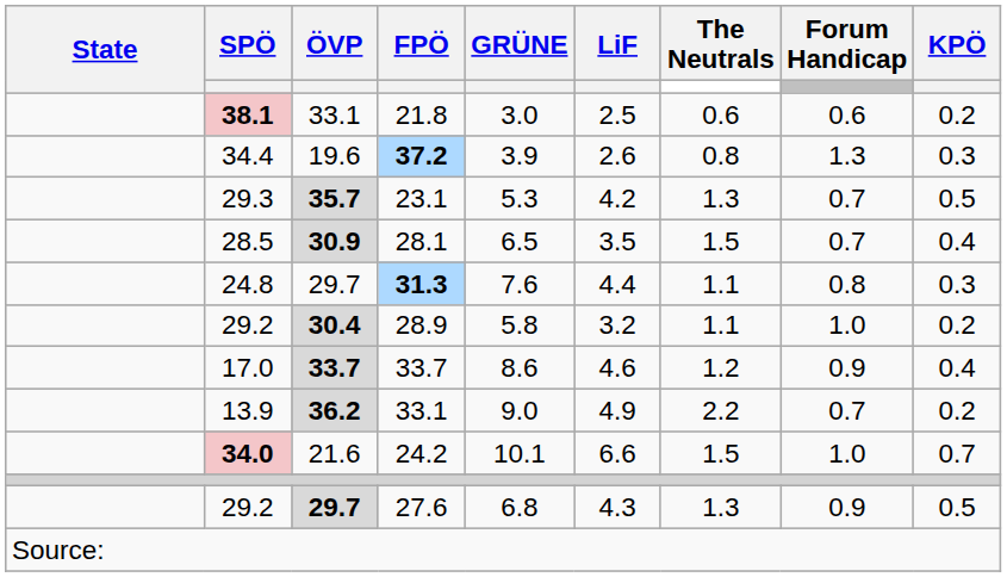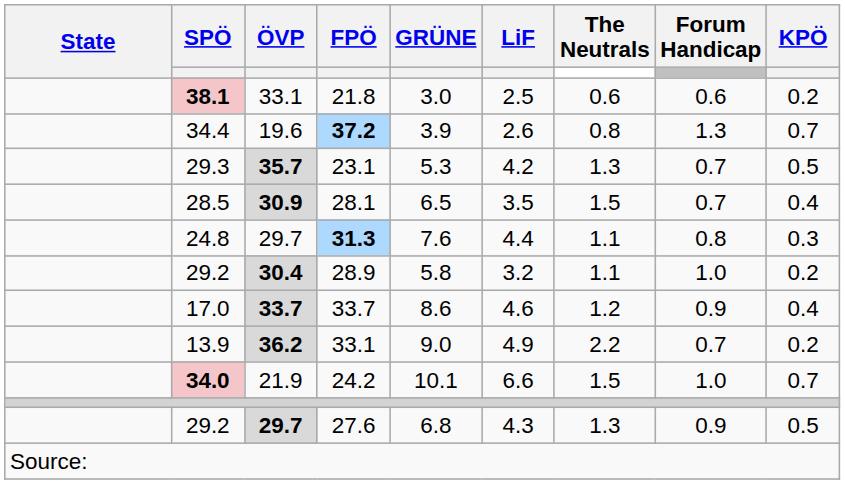 <table class="wikitable sortable" style="text-align:center;font-size:90%;line-height:16px">
 <tr style="height:40px;">
 <th style="width:100px;" rowspan="2"><a href='#'>State</a></th>
 <th style="width:40px;"><a href='#'>SPÖ</a></th>
 <th style="width:40px;"><a href='#'>ÖVP</a></th>
 <th style="width:40px;"><a href='#'>FPÖ</a></th>
 <th style="width:40px;"><a href='#'>GRÜNE</a></th>
 <th style="width:40px;"><a href='#'>LiF</a></th>
 <th style="width:40px;">The Neutrals</th>
 <th style="width:40px;">Forum Handicap</th>
 <th style="width:40px;"><a href='#'>KPÖ</a></th>
 </tr>
 <tr>
 <th style="background:"></th>
 <th style="background:"></th>
 <th style="background:"></th>
 <th style="background:"></th>
 <th style="background:"></th>
 <th style="background:#FFFFFF;"></th>
 <th style="background:#C0C0C0"></th>
 <th style="background:"></th>
 </tr>
 <tr>
 <td align=left></td>
 <td bgcolor=#F4C6C9><strong>38.1</strong></td>
 <td>33.1</td>
 <td>21.8</td>
 <td>3.0</td>
 <td>2.5</td>
 <td>0.6</td>
 <td>0.6</td>
 <td>0.2</td>
 </tr>
 <tr>
 <td align=left></td>
 <td>34.4</td>
 <td>19.6</td>
 <td bgcolor=#ADD9FF><strong>37.2</strong></td>
 <td>3.9</td>
 <td>2.6</td>
 <td>0.8</td>
 <td>1.3</td>
-<td>0.3</td>
+<td>0.7</td>
 </tr>
 <tr>
 <td align=left></td>
 <td>29.3</td>
 <td bgcolor=#D9D9D9><strong>35.7</strong></td>
 <td>23.1</td>
 <td>5.3</td>
 <td>4.2</td>
 <td>1.3</td>
 <td>0.7</td>
 <td>0.5</td>
 </tr>
 <tr>
 <td align=left></td>
 <td>28.5</td>
 <td bgcolor=#D9D9D9><strong>30.9</strong></td>
 <td>28.1</td>
 <td>6.5</td>
 <td>3.5</td>
 <td>1.5</td>
 <td>0.7</td>
 <td>0.4</td>
 </tr>
 <tr>
 <td align=left></td>
 <td>24.8</td>
 <td>29.7</td>
 <td bgcolor=#ADD9FF><strong>31.3</strong></td>
 <td>7.6</td>
 <td>4.4</td>
 <td>1.1</td>
 <td>0.8</td>
 <td>0.3</td>
 </tr>
 <tr>
 <td align=left></td>
 <td>29.2</td>
 <td bgcolor=#D9D9D9><strong>30.4</strong></td>
 <td>28.9</td>
 <td>5.8</td>
 <td>3.2</td>
 <td>1.1</td>
 <td>1.0</td>
 <td>0.2</td>
 </tr>
 <tr>
 <td align=left></td>
 <td>17.0</td>
 <td bgcolor=#D9D9D9><strong>33.7</strong></td>
 <td>33.7</td>
 <td>8.6</td>
 <td>4.6</td>
 <td>1.2</td>
 <td>0.9</td>
 <td>0.4</td>
 </tr>
 <tr>
 <td align=left></td>
 <td>13.9</td>
 <td bgcolor=#D9D9D9><strong>36.2</strong></td>
 <td>33.1</td>
 <td>9.0</td>
 <td>4.9</td>
 <td>2.2</td>
 <td>0.7</td>
 <td>0.2</td>
 </tr>
 <tr>
 <td align=left></td>
 <td bgcolor=#F4C6C9><strong>34.0</strong></td>
-<td>21.6</td>
+<td>21.9</td>
 <td>24.2</td>
 <td>10.1</td>
 <td>6.6</td>
 <td>1.5</td>
 <td>1.0</td>
 <td>0.7</td>
 </tr>
 <tr>
 <td colspan=10 bgcolor=lightgrey></td>
 </tr>
 <tr>
 <td align=left></td>
 <td>29.2</td>
 <td bgcolor=#D9D9D9><strong>29.7</strong></td>
 <td>27.6</td>
 <td>6.8</td>
 <td>4.3</td>
 <td>1.3</td>
 <td>0.9</td>
 <td>0.5</td>
 </tr>
 <tr class=sortbottom>
 <td colspan=10 align=left>Source: </td>
 </tr>
 </table>
